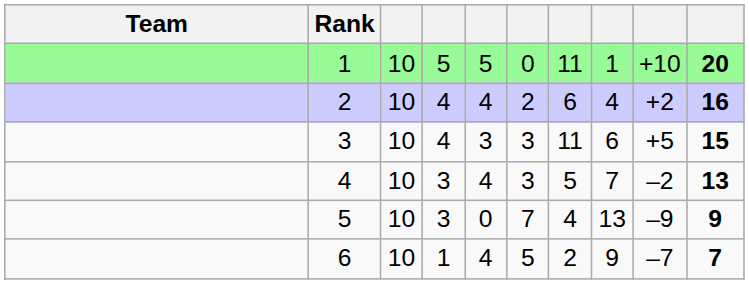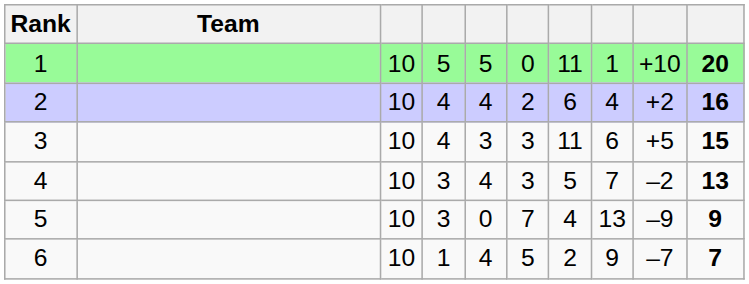 <table class="wikitable" style="text-align:center">
 <tr>
+<th>Rank</th>
 <th style="width:190px;">Team</th>
-<th>Rank</th>
 <th width=20px></th>
 <th width=20px></th>
 <th width=20px></th>
 <th width=20px></th>
 <th width=20px></th>
 <th width=20px></th>
 <th width=20px></th>
 <th width=30px></th>
 </tr>
 <tr bgcolor=#98fb98>
+<td>1</td>
 <td align="left"></td>
-<td>1</td>
 <td>10</td>
 <td>5</td>
 <td>5</td>
 <td>0</td>
 <td>11</td>
 <td>1</td>
 <td>+10</td>
 <td><strong>20</strong></td>
 </tr>
 <tr bgcolor=#CCCCFF>
+<td>2</td>
 <td align="left"></td>
-<td>2</td>
 <td>10</td>
 <td>4</td>
 <td>4</td>
 <td>2</td>
 <td>6</td>
 <td>4</td>
 <td>+2</td>
 <td><strong>16</strong></td>
 </tr>
 <tr>
+<td>3</td>
 <td align="left"></td>
-<td>3</td>
 <td>10</td>
 <td>4</td>
 <td>3</td>
 <td>3</td>
 <td>11</td>
 <td>6</td>
 <td>+5</td>
 <td><strong>15</strong></td>
 </tr>
 <tr>
+<td>4</td>
 <td align="left"></td>
-<td>4</td>
 <td>10</td>
 <td>3</td>
 <td>4</td>
 <td>3</td>
 <td>5</td>
 <td>7</td>
 <td>–2</td>
 <td><strong>13</strong></td>
 </tr>
 <tr>
+<td>5</td>
 <td align="left"></td>
-<td>5</td>
 <td>10</td>
 <td>3</td>
 <td>0</td>
 <td>7</td>
 <td>4</td>
 <td>13</td>
 <td>–9</td>
 <td><strong>9</strong></td>
 </tr>
 <tr>
+<td>6</td>
 <td align="left"></td>
-<td>6</td>
 <td>10</td>
 <td>1</td>
 <td>4</td>
 <td>5</td>
 <td>2</td>
 <td>9</td>
 <td>–7</td>
 <td><strong>7</strong></td>
 </tr>
 </table>
